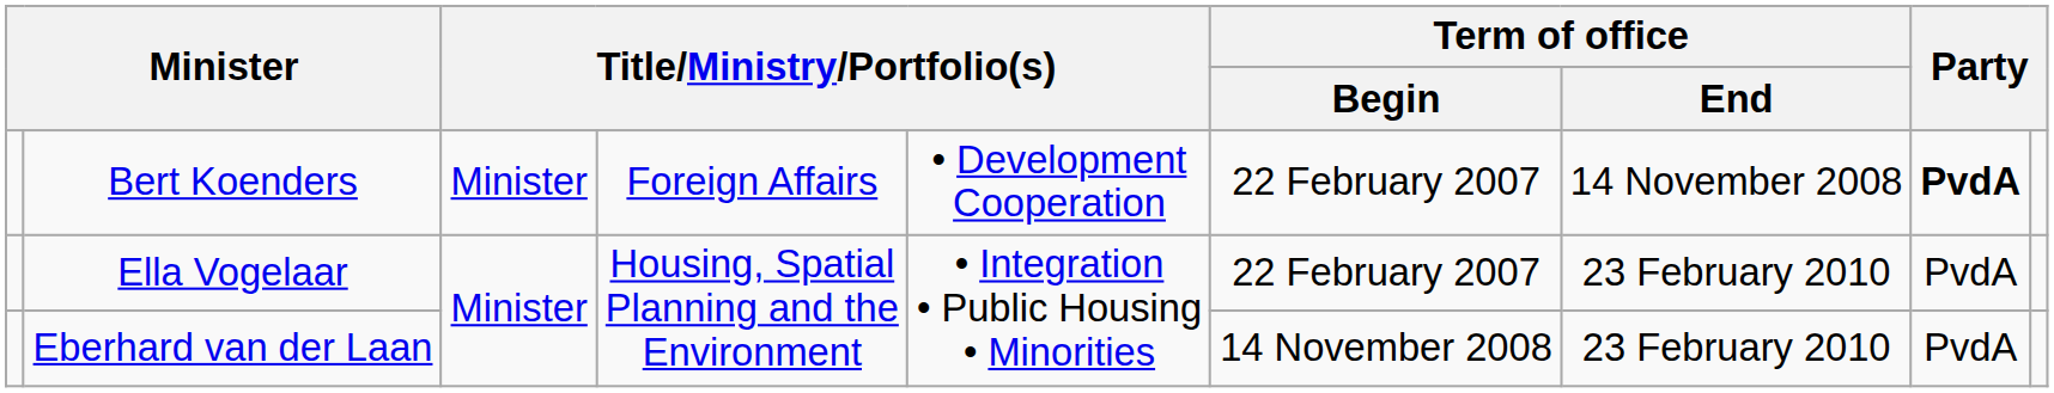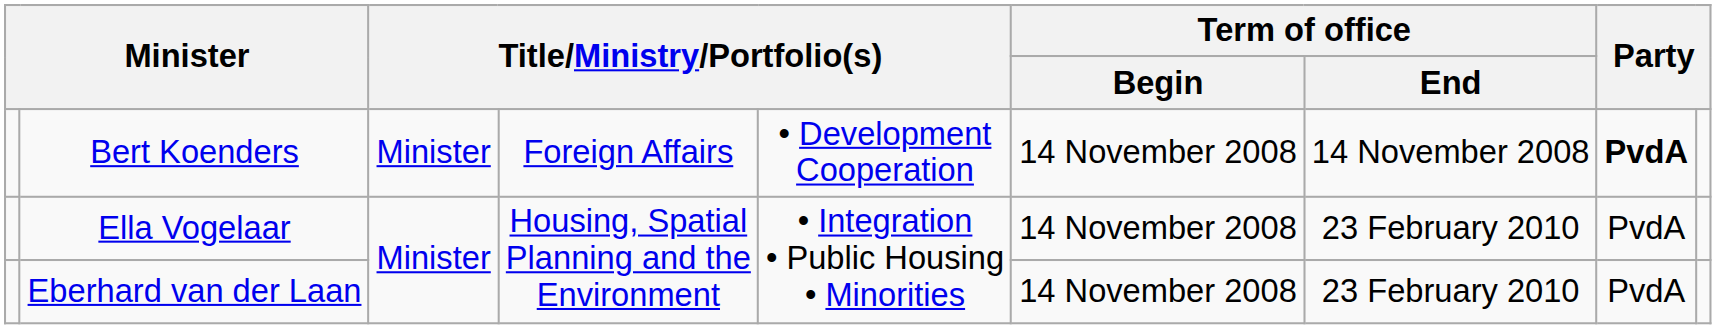 <table class="wikitable sortable" style="text-align:center">
 <tr>
 <th rowspan=2 colspan=2>Minister</th>
 <th colspan=3 rowspan=2>Title/<a href='#'>Ministry</a>/Portfolio(s)</th>
 <th class=unsortable colspan="2">Term of office</th>
 <th rowspan=2 colspan=2>Party</th>
 </tr>
 <tr>
 <th data-sort-type=date>Begin</th>
 <th data-sort-type=date>End</th>
 </tr>
 <tr>
 <td></td>
 <td><a href='#'>Bert Koenders</a></td>
 <td><a href='#'>Minister</a></td>
 <td><a href='#'>Foreign Affairs</a></td>
 <td>• <a href='#'>Development <br> Cooperation</a></td>
-<td>22 February 2007</td>
+<td>14 November 2008</td>
 <td>14 November 2008</td>
 <td><strong>PvdA</strong></td>
 <td style="background:"></td>
 </tr>
 <tr>
 <td></td>
 <td><a href='#'>Ella Vogelaar</a></td>
 <td rowspan=2><a href='#'>Minister</a></td>
 <td rowspan=2><a href='#'>Housing, Spatial <br> Planning and the <br> Environment</a></td>
 <td rowspan=2>• <a href='#'>Integration</a> <br> • Public Housing <br> • <a href='#'>Minorities</a></td>
-<td>22 February 2007</td>
+<td>14 November 2008</td>
 <td>23 February 2010</td>
 <td>PvdA</td>
 <td style="background:"></td>
 </tr>
 <tr>
 <td></td>
 <td><a href='#'>Eberhard van der Laan</a></td>
 <td>14 November 2008</td>
 <td>23 February 2010</td>
 <td>PvdA</td>
 <td style="background:"></td>
 </tr>
 </table>
